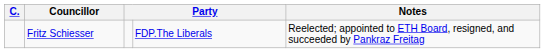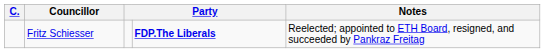 <table class="wikitable sortable">
 <tr>
 <th width=25px><a href='#'>C.</a></th>
 <th width=150px>Councillor</th>
 <th colspan=2 width=250px><a href='#'>Party</a></th>
 <th width=395px>Notes</th>
 </tr>
 <tr>
 <td></td>
 <td><a href='#'>Fritz Schiesser</a></td>
 <td style="background-color: "></td>
-<td><a href='#'>FDP.The Liberals</a></td>
+<td><strong><a href='#'>FDP.The Liberals</a></strong></td>
 <td>Reelected; appointed to <a href='#'>ETH Board</a>, resigned, and succeeded by <a href='#'>Pankraz Freitag</a></td>
 </tr>
 </table>
